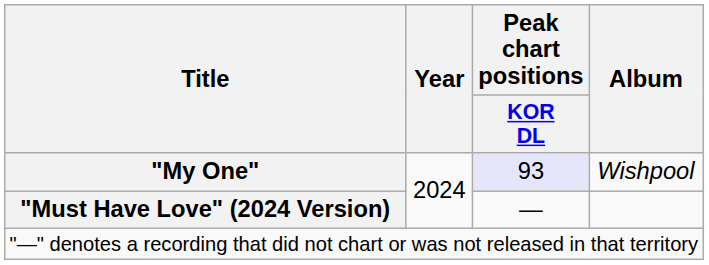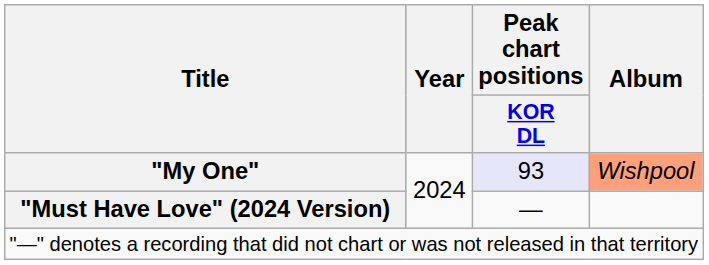 <table class="wikitable plainrowheaders" style="text-align:center">
 <tr>
 <th scope="col" rowspan="2">Title</th>
 <th scope="col" rowspan="2">Year</th>
 <th scope="col">Peak chart positions</th>
 <th scope="col" rowspan="2">Album</th>
 </tr>
 <tr>
 <th scope="col" style="font-size:90%; width:2.5em"><a href='#'>KOR<br>DL</a><br></th>
 </tr>
 <tr>
 <th scope="row">"My One"</th>
 <td rowspan="2">2024</td>
 <td style="background: lavender;">93</td>
-<td><em>Wishpool</em></td>
+<td style="background: lightsalmon;"><em>Wishpool</em></td>
 </tr>
 <tr>
 <th scope="row">"Must Have Love" (2024 Version)</th>
 <td>—</td>
 <td></td>
 </tr>
 <tr>
 <td colspan="4" style="font-size:85%">"—" denotes a recording that did not chart or was not released in that territory</td>
 </tr>
 </table>
